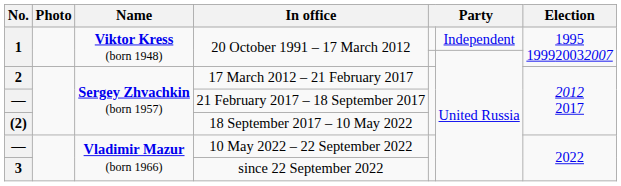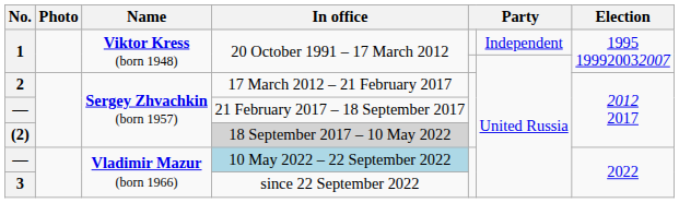 <table class="wikitable" style="text-align:center">
 <tr style="background:#cccccc">
 <th>No.</th>
 <th>Photo</th>
 <th>Name</th>
 <th>In office</th>
 <th colspan=2>Party</th>
 <th>Election</th>
 </tr>
 <tr>
 <th rowspan=2>1</th>
 <td rowspan=2></td>
 <td rowspan=2><strong><a href='#'>Viktor Kress</a></strong><br><small>(born 1948)</small></td>
 <td rowspan=2>20 October 1991 – 17 March 2012</td>
 <td style="background: "></td>
 <td><a href='#'>Independent</a></td>
 <td rowspan=2><a href='#'>1995</a><br><a href='#'>1999</a><a href='#'>2003</a><em><a href='#'>2007</a></em></td>
 </tr>
 <tr>
 <td style="background: "></td>
 <td rowspan=6><a href='#'>United Russia</a></td>
 </tr>
 <tr>
 <th>2</th>
 <td rowspan=3></td>
 <td rowspan=3><strong><a href='#'>Sergey Zhvachkin</a></strong><br><small>(born 1957)</small></td>
 <td>17 March 2012 – 21 February 2017</td>
 <td rowspan=3; style="background: "></td>
 <td rowspan=3><em><a href='#'>2012</a></em><br><a href='#'>2017</a></td>
 </tr>
 <tr>
 <th>—</th>
 <td>21 February 2017 – 18 September 2017</td>
 </tr>
 <tr>
 <th>(2)</th>
-<td>18 September 2017 – 10 May 2022</td>
+<td style="background: lightgrey;">18 September 2017 – 10 May 2022</td>
 </tr>
 <tr>
 <th>—</th>
 <td rowspan=2></td>
 <td rowspan=2><strong><a href='#'>Vladimir Mazur</a></strong><br><small>(born 1966)</small></td>
-<td>10 May 2022 – 22 September 2022</td>
+<td style="background: lightblue;">10 May 2022 – 22 September 2022</td>
 <td rowspan=2; style="background: "></td>
 <td rowspan=2><a href='#'>2022</a></td>
 </tr>
 <tr>
 <th>3</th>
 <td>since 22 September 2022</td>
 </tr>
 </table>
